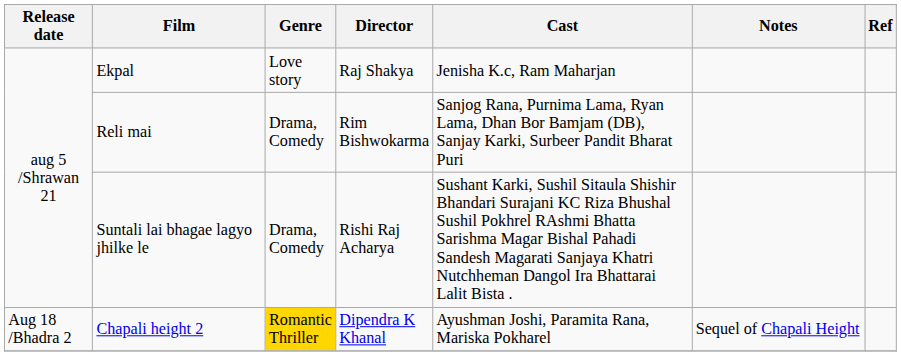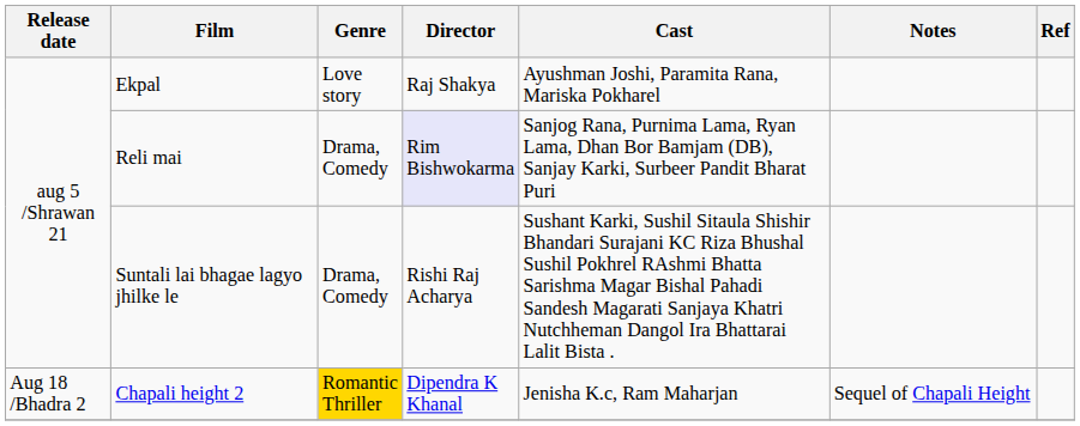 <table class="wikitable sortable" style="width:100%">
 <tr shor>
 </tr>
 <tr>
 <th style="width:10%;">Release date</th>
 <th style="width:20%;">Film</th>
 <th !style="width:10%;">Genre</th>
 <th style="width:10%;">Director</th>
 <th style="width:30%;">Cast</th>
 <th style="width:20%;">Notes</th>
 <th style="width:2%;">Ref</th>
 </tr>
 <tr>
 <td rowspan="3" style="text-align:center;">aug 5 /Shrawan 21</td>
 <td>Ekpal</td>
 <td>Love story</td>
 <td>Raj Shakya</td>
-<td>Jenisha K.c, Ram Maharjan</td>
+<td>Ayushman Joshi, Paramita Rana, Mariska Pokharel</td>
 <td></td>
 <td></td>
 </tr>
 <tr>
 <td>Reli mai</td>
 <td>Drama, Comedy</td>
-<td>Rim Bishwokarma</td>
+<td style="background: lavender;">Rim Bishwokarma</td>
 <td>Sanjog Rana, Purnima Lama, Ryan Lama, Dhan Bor Bamjam (DB), Sanjay Karki, Surbeer Pandit Bharat Puri</td>
 <td></td>
 <td></td>
 </tr>
 <tr>
 <td>Suntali lai bhagae lagyo jhilke le</td>
 <td>Drama, Comedy</td>
 <td>Rishi Raj Acharya</td>
 <td>Sushant Karki, Sushil Sitaula Shishir Bhandari Surajani KC Riza Bhushal Sushil Pokhrel RAshmi Bhatta Sarishma Magar Bishal Pahadi Sandesh Magarati Sanjaya Khatri Nutchheman Dangol Ira Bhattarai Lalit Bista .</td>
 <td></td>
 <td></td>
 </tr>
 <tr>
 <td>Aug 18 /Bhadra 2</td>
 <td><a href='#'>Chapali height 2</a></td>
 <td style="background: gold;">Romantic Thriller</td>
 <td><a href='#'>Dipendra K Khanal</a></td>
-<td>Ayushman Joshi, Paramita Rana, Mariska Pokharel</td>
+<td>Jenisha K.c, Ram Maharjan</td>
 <td>Sequel of <a href='#'>Chapali Height</a></td>
 <td></td>
 </tr>
 <tr>
 </tr>
 </table>
